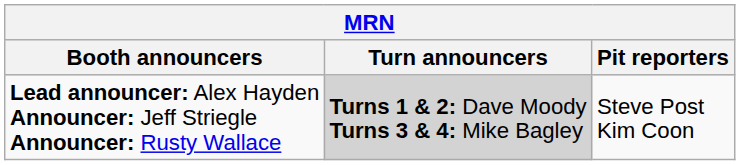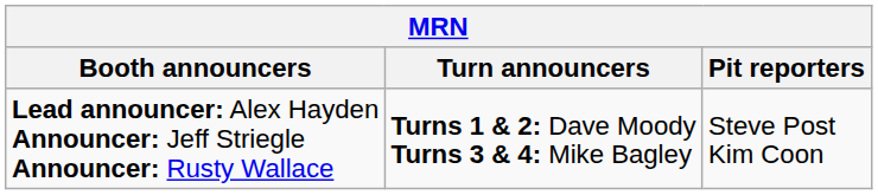 <table class="wikitable" style="font-size: 95%">
 <tr>
 <th colspan="3"><a href='#'>MRN</a></th>
 </tr>
 <tr>
 <th>Booth announcers</th>
 <th>Turn announcers</th>
 <th>Pit reporters</th>
 </tr>
 <tr>
 <td><strong>Lead announcer:</strong> Alex Hayden<br><strong>Announcer:</strong> Jeff Striegle<br><strong>Announcer:</strong> <a href='#'>Rusty Wallace</a></td>
-<td style="background: lightgrey;"><strong>Turns 1 & 2:</strong> Dave Moody<br><strong>Turns 3 & 4:</strong> Mike Bagley</td>
+<td><strong>Turns 1 & 2:</strong> Dave Moody<br><strong>Turns 3 & 4:</strong> Mike Bagley</td>
 <td>Steve Post<br>Kim Coon</td>
 </tr>
 </table>
